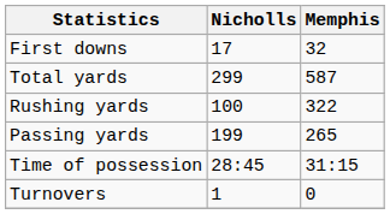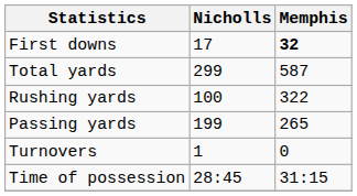 <table class="wikitable">
 <tr>
 <th>Statistics</th>
 <th>Nicholls</th>
 <th>Memphis</th>
 </tr>
 <tr>
 <td>First downs</td>
 <td>17</td>
-<td>32</td>
+<td><strong>32</strong></td>
 </tr>
 <tr>
 <td>Total yards</td>
 <td>299</td>
 <td>587</td>
 </tr>
 <tr>
 <td>Rushing yards</td>
 <td>100</td>
 <td>322</td>
 </tr>
 <tr>
 <td>Passing yards</td>
 <td>199</td>
 <td>265</td>
 </tr>
 <tr>
+<td>Turnovers</td>
+<td>1</td>
+<td>0</td>
+</tr>
+<tr>
 <td>Time of possession</td>
 <td>28:45</td>
 <td>31:15</td>
 </tr>
 <tr>
-<td>Turnovers</td>
-<td>1</td>
-<td>0</td>
-</tr>
-<tr>
 </tr>
 </table>
